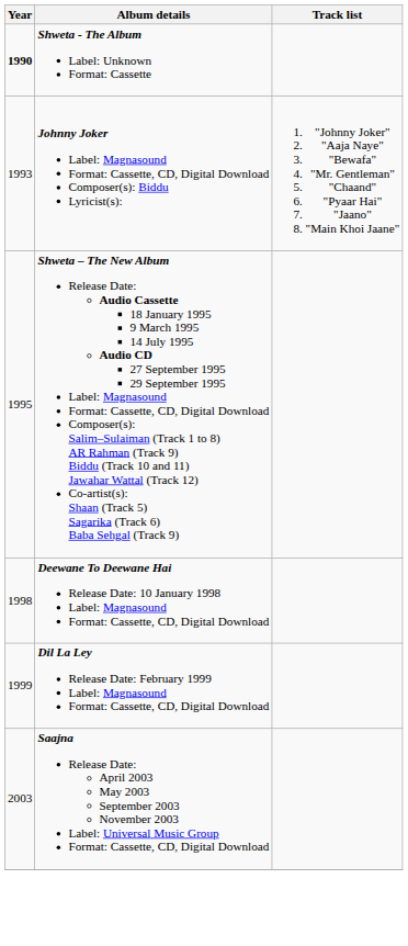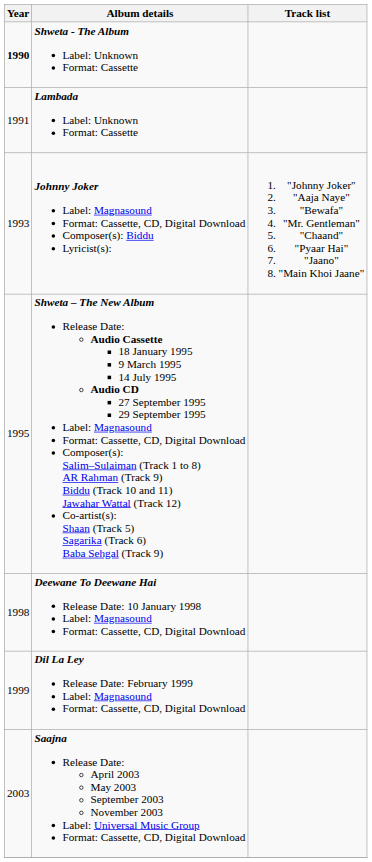 <table class="wikitable" style="text-align:center;">
 <tr>
 <th>Year</th>
 <th>Album details</th>
 <th>Track list</th>
 </tr>
 <tr>
 <td><strong>1990</strong></td>
 <td style="text-align:left;"><strong><em>Shweta - The Album</em></strong><br><ul><li>Label: Unknown</li><li>Format: Cassette</li></ul></td>
+<td></td>
+</tr>
+<tr>
+<td>1991</td>
+<td style="text-align:left;"><strong><em>Lambada</em></strong><br><ul><li>Label: Unknown</li><li>Format: Cassette</li></ul></td>
 <td></td>
 </tr>
 <tr>
 <td>1993</td>
 <td style="text-align:left;"><strong><em>Johnny Joker</em></strong><br><ul><li>Label: <a href='#'>Magnasound</a></li><li>Format: Cassette, CD, Digital Download</li><li>Composer(s): <a href='#'>Biddu</a></li><li>Lyricist(s):</li></ul></td>
 <td><br><ol><li>"Johnny Joker"</li><li>"Aaja Naye"</li><li>"Bewafa"</li><li>"Mr. Gentleman"</li><li>"Chaand"</li><li>"Pyaar Hai"</li><li>"Jaano"</li><li>"Main Khoi Jaane"</li></ol></td>
 </tr>
 <tr>
 <td>1995</td>
 <td style="text-align:left;"><strong><em>Shweta – The New Album</em></strong><br><ul><li>Release Date:<ul><li><strong>Audio Cassette</strong><ul><li>18 January 1995 </li><li>9 March 1995 </li><li>14 July 1995 </li></ul></li><li><strong>Audio CD</strong><ul><li>27 September 1995 </li><li>29 September 1995 </li></ul></li></ul></li><li>Label: <a href='#'>Magnasound</a></li><li>Format: Cassette, CD, Digital Download</li><li>Composer(s):  <br> <a href='#'>Salim–Sulaiman</a> (Track 1 to 8) <br>  <a href='#'>AR Rahman</a> (Track 9) <br> <a href='#'>Biddu</a> (Track 10 and 11) <br> <a href='#'>Jawahar Wattal</a> (Track 12)</li><li>Co-artist(s): <br> <a href='#'>Shaan</a> (Track 5) <br><a href='#'>Sagarika</a> (Track 6) <br> <a href='#'>Baba Sehgal</a> (Track 9)</li></ul></td>
 <td><br></td>
 </tr>
 <tr>
 <td>1998</td>
 <td style="text-align:left;"><strong><em>Deewane To Deewane Hai</em></strong><br><ul><li>Release Date: 10 January 1998</li><li>Label: <a href='#'>Magnasound</a></li><li>Format: Cassette, CD, Digital Download</li></ul></td>
 <td></td>
 </tr>
 <tr>
 <td>1999</td>
 <td style="text-align:left;"><strong><em>Dil La Ley</em></strong><br><ul><li>Release Date: February 1999</li><li>Label: <a href='#'>Magnasound</a></li><li>Format: Cassette, CD, Digital Download</li></ul></td>
 <td></td>
 </tr>
 <tr>
 <td>2003</td>
 <td style="text-align:left;"><strong><em>Saajna</em></strong><br><ul><li>Release Date:<ul><li>April 2003 </li><li>May 2003 </li><li>September 2003 </li><li>November 2003 </li></ul></li><li>Label: <a href='#'>Universal Music Group</a></li><li>Format: Cassette, CD, Digital Download</li></ul></td>
 <td></td>
 </tr>
 <tr>
 </tr>
 </table>
